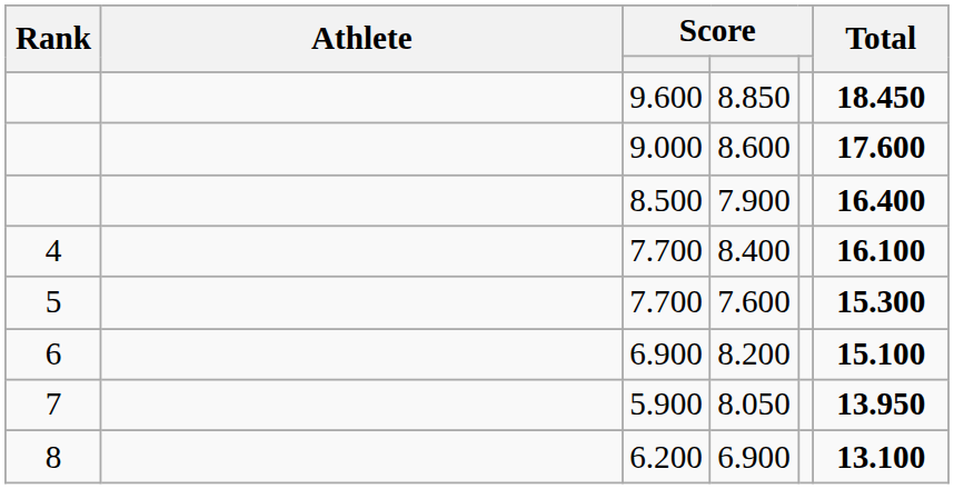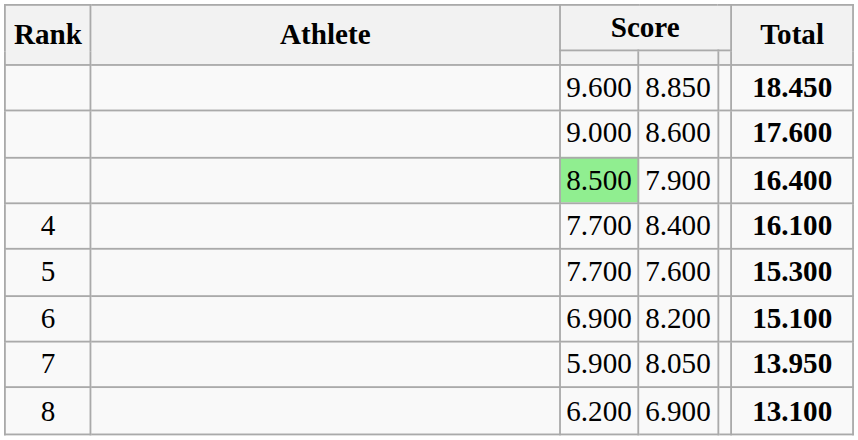 <table class=wikitable style="text-align:center">
 <tr>
 <th width="40" rowspan="2">Rank</th>
 <th width="250" rowspan="2">Athlete</th>
 <th width="60" colspan="3">Score</th>
 <th width="60" rowspan="2">Total</th>
 </tr>
 <tr>
 <th></th>
 <th></th>
 <th></th>
 </tr>
 <tr>
 <td></td>
 <td align="left"></td>
 <td>9.600</td>
 <td>8.850</td>
 <td></td>
 <td><strong>18.450</strong></td>
 </tr>
 <tr>
 <td></td>
 <td align="left"></td>
 <td>9.000</td>
 <td>8.600</td>
 <td></td>
 <td><strong>17.600</strong></td>
 </tr>
 <tr>
 <td></td>
 <td align="left"></td>
-<td>8.500</td>
+<td style="background: lightgreen;">8.500</td>
 <td>7.900</td>
 <td></td>
 <td><strong>16.400</strong></td>
 </tr>
 <tr>
 <td>4</td>
 <td align="left"></td>
 <td>7.700</td>
 <td>8.400</td>
 <td></td>
 <td><strong>16.100</strong></td>
 </tr>
 <tr>
 <td>5</td>
 <td align="left"></td>
 <td>7.700</td>
 <td>7.600</td>
 <td></td>
 <td><strong>15.300</strong></td>
 </tr>
 <tr>
 <td>6</td>
 <td align="left"></td>
 <td>6.900</td>
 <td>8.200</td>
 <td></td>
 <td><strong>15.100</strong></td>
 </tr>
 <tr>
 <td>7</td>
 <td align="left"></td>
 <td>5.900</td>
 <td>8.050</td>
 <td></td>
 <td><strong>13.950</strong></td>
 </tr>
 <tr>
 <td>8</td>
 <td align="left"></td>
 <td>6.200</td>
 <td>6.900</td>
 <td></td>
 <td><strong>13.100</strong></td>
 </tr>
 </table>
